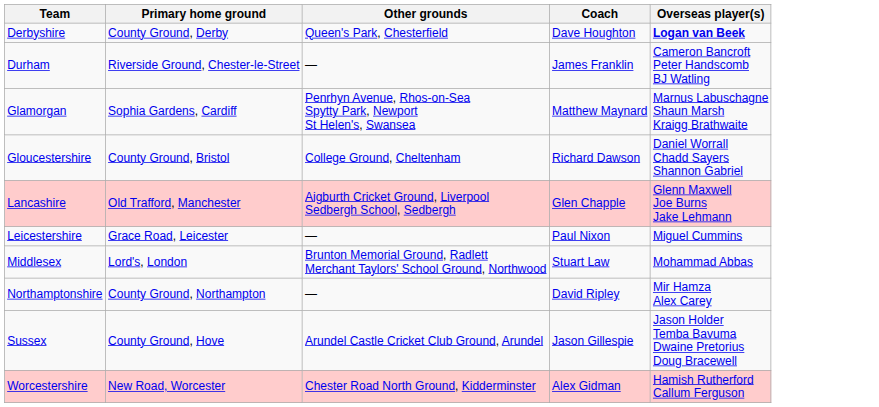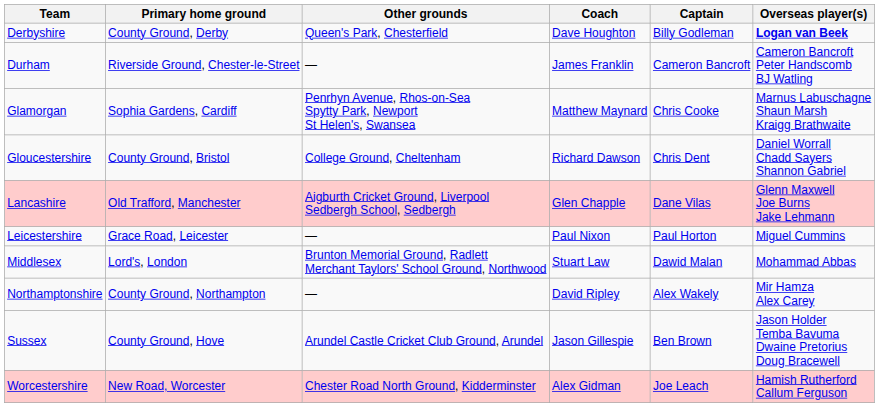 <table class="wikitable sortable">
 <tr>
 <th>Team</th>
 <th>Primary home ground</th>
 <th>Other grounds</th>
 <th>Coach</th>
+<th>Captain</th>
 <th>Overseas player(s)</th>
 </tr>
 <tr>
 <td><a href='#'>Derbyshire</a></td>
 <td><a href='#'>County Ground</a>, <a href='#'>Derby</a></td>
 <td><a href='#'>Queen's Park</a>, <a href='#'>Chesterfield</a></td>
 <td> <a href='#'>Dave Houghton</a></td>
+<td> <a href='#'>Billy Godleman</a></td>
 <td><strong> <a href='#'>Logan van Beek</a></strong></td>
 </tr>
 <tr>
 <td><a href='#'>Durham</a></td>
 <td><a href='#'>Riverside Ground</a>, <a href='#'>Chester-le-Street</a></td>
 <td>—</td>
 <td> <a href='#'>James Franklin</a></td>
+<td> <a href='#'>Cameron Bancroft</a></td>
 <td> <a href='#'>Cameron Bancroft</a><br> <a href='#'>Peter Handscomb</a><br> <a href='#'>BJ Watling</a></td>
 </tr>
 <tr>
 <td><a href='#'>Glamorgan</a></td>
 <td><a href='#'>Sophia Gardens</a>, <a href='#'>Cardiff</a></td>
 <td><a href='#'>Penrhyn Avenue</a>, <a href='#'>Rhos-on-Sea</a><br><a href='#'>Spytty Park</a>, <a href='#'>Newport</a> <br> <a href='#'>St Helen's</a>, <a href='#'>Swansea</a></td>
 <td> <a href='#'>Matthew Maynard</a></td>
+<td> <a href='#'>Chris Cooke</a></td>
 <td> <a href='#'>Marnus Labuschagne</a> <br>  <a href='#'>Shaun Marsh</a> <br>  <a href='#'>Kraigg Brathwaite</a></td>
 </tr>
 <tr>
 <td><a href='#'>Gloucestershire</a></td>
 <td><a href='#'>County Ground</a>, <a href='#'>Bristol</a></td>
 <td><a href='#'>College Ground</a>, <a href='#'>Cheltenham</a></td>
 <td> <a href='#'>Richard Dawson</a></td>
+<td> <a href='#'>Chris Dent</a></td>
 <td> <a href='#'>Daniel Worrall</a> <br>  <a href='#'>Chadd Sayers</a> <br>  <a href='#'>Shannon Gabriel</a></td>
 </tr>
 <tr style="background-color:#ffcccc">
 <td><a href='#'>Lancashire</a></td>
 <td><a href='#'>Old Trafford</a>, <a href='#'>Manchester</a></td>
 <td><a href='#'>Aigburth Cricket Ground</a>, <a href='#'>Liverpool</a> <br> <a href='#'>Sedbergh School</a>, <a href='#'>Sedbergh</a></td>
 <td> <a href='#'>Glen Chapple</a></td>
+<td> <a href='#'>Dane Vilas</a></td>
 <td> <a href='#'>Glenn Maxwell</a> <br>  <a href='#'>Joe Burns</a> <br>  <a href='#'>Jake Lehmann</a></td>
 </tr>
 <tr>
 <td><a href='#'>Leicestershire</a></td>
 <td><a href='#'>Grace Road</a>, <a href='#'>Leicester</a></td>
 <td>—</td>
 <td> <a href='#'>Paul Nixon</a></td>
+<td> <a href='#'>Paul Horton</a></td>
 <td> <a href='#'>Miguel Cummins</a></td>
 </tr>
 <tr>
 <td><a href='#'>Middlesex</a></td>
 <td><a href='#'>Lord's</a>, <a href='#'>London</a></td>
 <td><a href='#'>Brunton Memorial Ground</a>, <a href='#'>Radlett</a> <br> <a href='#'>Merchant Taylors' School Ground</a>, <a href='#'>Northwood</a></td>
 <td> <a href='#'>Stuart Law</a></td>
+<td> <a href='#'>Dawid Malan</a></td>
 <td> <a href='#'>Mohammad Abbas</a></td>
 </tr>
 <tr>
 <td><a href='#'>Northamptonshire</a></td>
 <td><a href='#'>County Ground</a>, <a href='#'>Northampton</a></td>
 <td>—</td>
 <td> <a href='#'>David Ripley</a></td>
+<td> <a href='#'>Alex Wakely</a></td>
 <td> <a href='#'>Mir Hamza</a> <br>  <a href='#'>Alex Carey</a></td>
 </tr>
 <tr>
 <td><a href='#'>Sussex</a></td>
 <td><a href='#'>County Ground</a>, <a href='#'>Hove</a></td>
 <td><a href='#'>Arundel Castle Cricket Club Ground</a>, <a href='#'>Arundel</a></td>
 <td> <a href='#'>Jason Gillespie</a></td>
+<td> <a href='#'>Ben Brown</a></td>
 <td> <a href='#'>Jason Holder</a> <br>  <a href='#'>Temba Bavuma</a> <br>  <a href='#'>Dwaine Pretorius</a> <br>  <a href='#'>Doug Bracewell</a></td>
 </tr>
 <tr style="background-color:#ffcccc">
 <td><a href='#'>Worcestershire</a></td>
 <td><a href='#'>New Road, Worcester</a></td>
 <td><a href='#'>Chester Road North Ground</a>, <a href='#'>Kidderminster</a></td>
 <td> <a href='#'>Alex Gidman</a></td>
+<td> <a href='#'>Joe Leach</a></td>
 <td> <a href='#'>Hamish Rutherford</a> <br>  <a href='#'>Callum Ferguson</a></td>
 </tr>
 </table>
